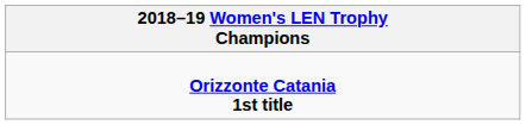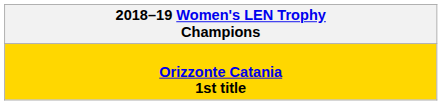 <table class="wikitable" style="margin: 0 auto; width: 30%;">
 <tr>
 <th>2018–19 <a href='#'>Women's LEN Trophy</a><br>Champions</th>
 </tr>
 <tr>
-<td align="center"><br><strong><a href='#'>Orizzonte Catania</a></strong><br><strong>1st title</strong></td>
+<td align="center" style="background: gold;"><br><strong><a href='#'>Orizzonte Catania</a></strong><br><strong>1st title</strong></td>
 </tr>
 </table>
